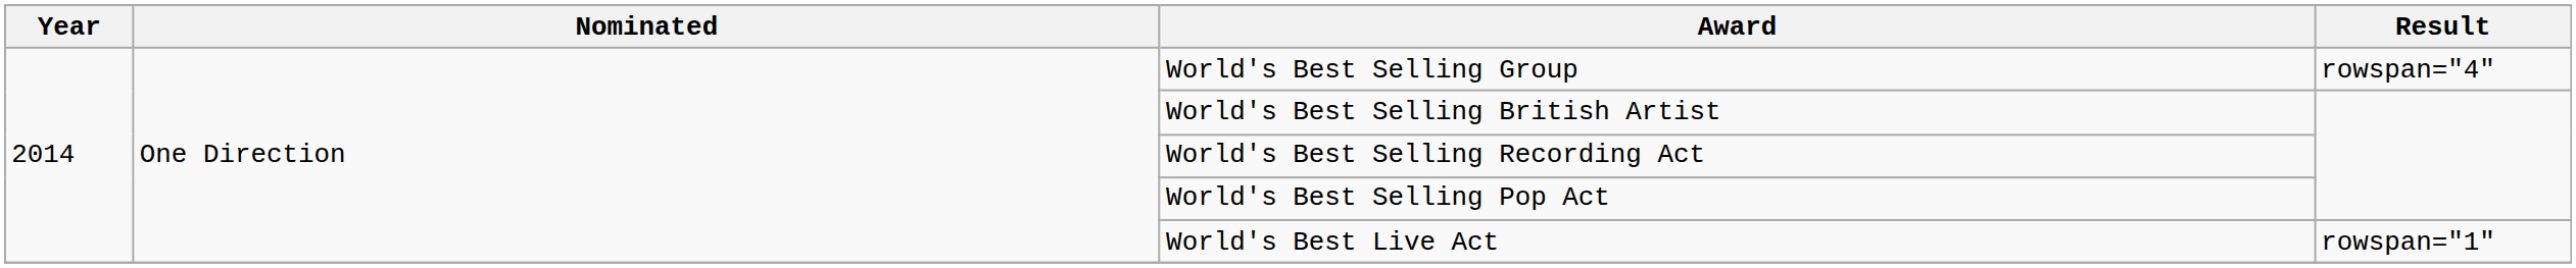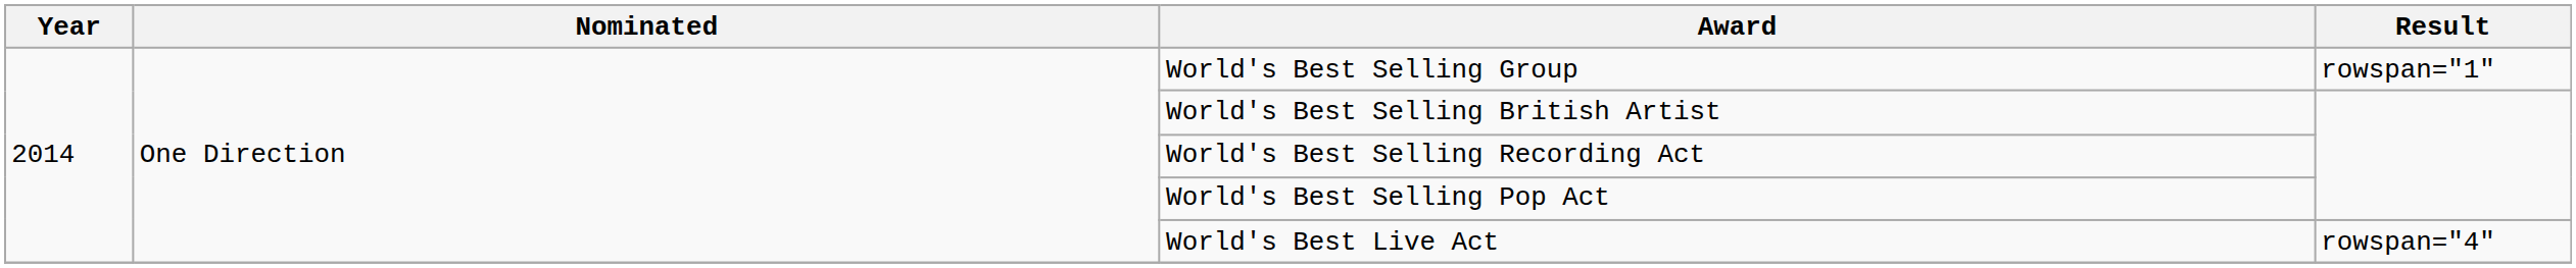 <table class="wikitable" style="width:100%;">
 <tr>
 <th width=5%>Year</th>
 <th style="width:40%;">Nominated</th>
 <th style="width:45%;">Award</th>
 <th style="width:10%;">Result</th>
 </tr>
 <tr>
 <td rowspan="5">2014</td>
 <td rowspan="5">One Direction</td>
 <td>World's Best Selling Group</td>
-<td>rowspan="4" </td>
+<td>rowspan="1" </td>
 </tr>
 <tr>
 <td>World's Best Selling British Artist</td>
 </tr>
 <tr>
 <td>World's Best Selling Recording Act</td>
 </tr>
 <tr>
 <td>World's Best Selling Pop Act</td>
 </tr>
 <tr>
 <td>World's Best Live Act</td>
-<td>rowspan="1" </td>
+<td>rowspan="4" </td>
 </tr>
 <tr>
 </tr>
 </table>
